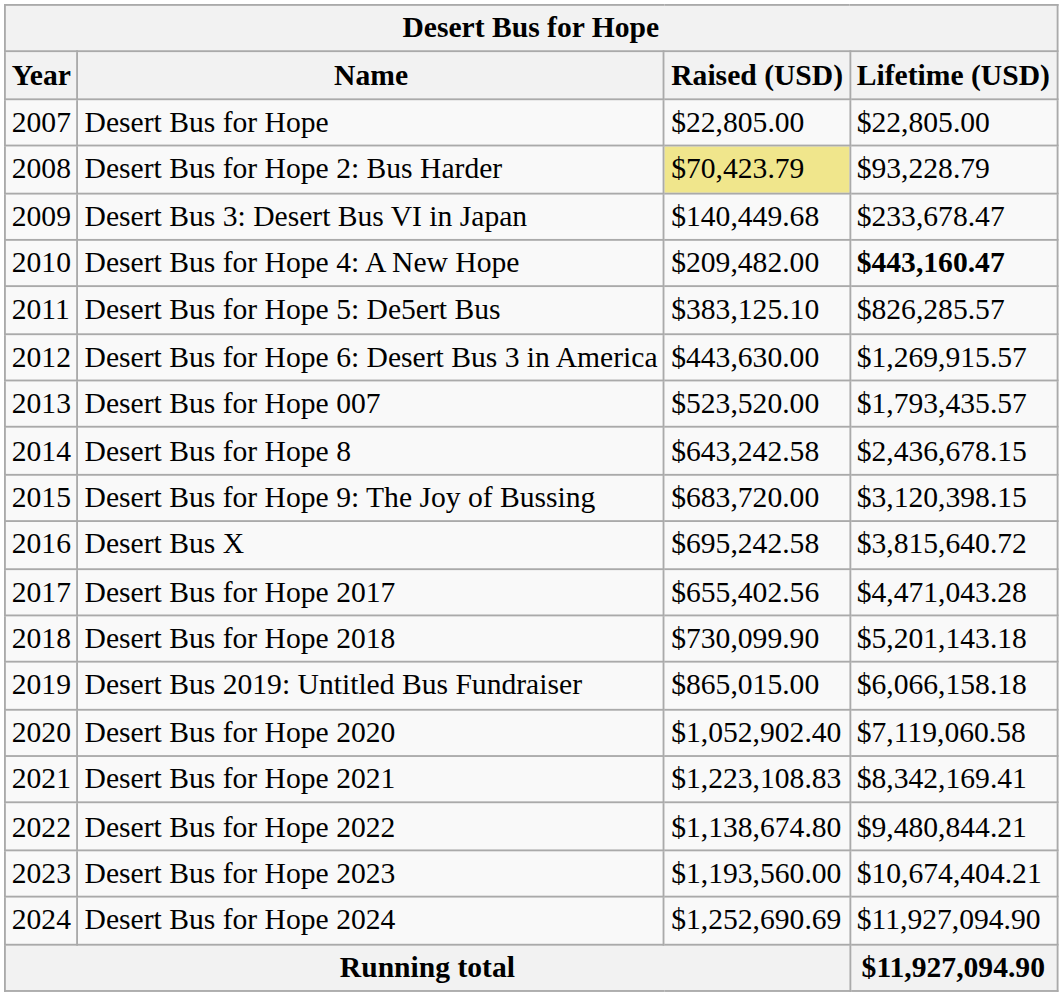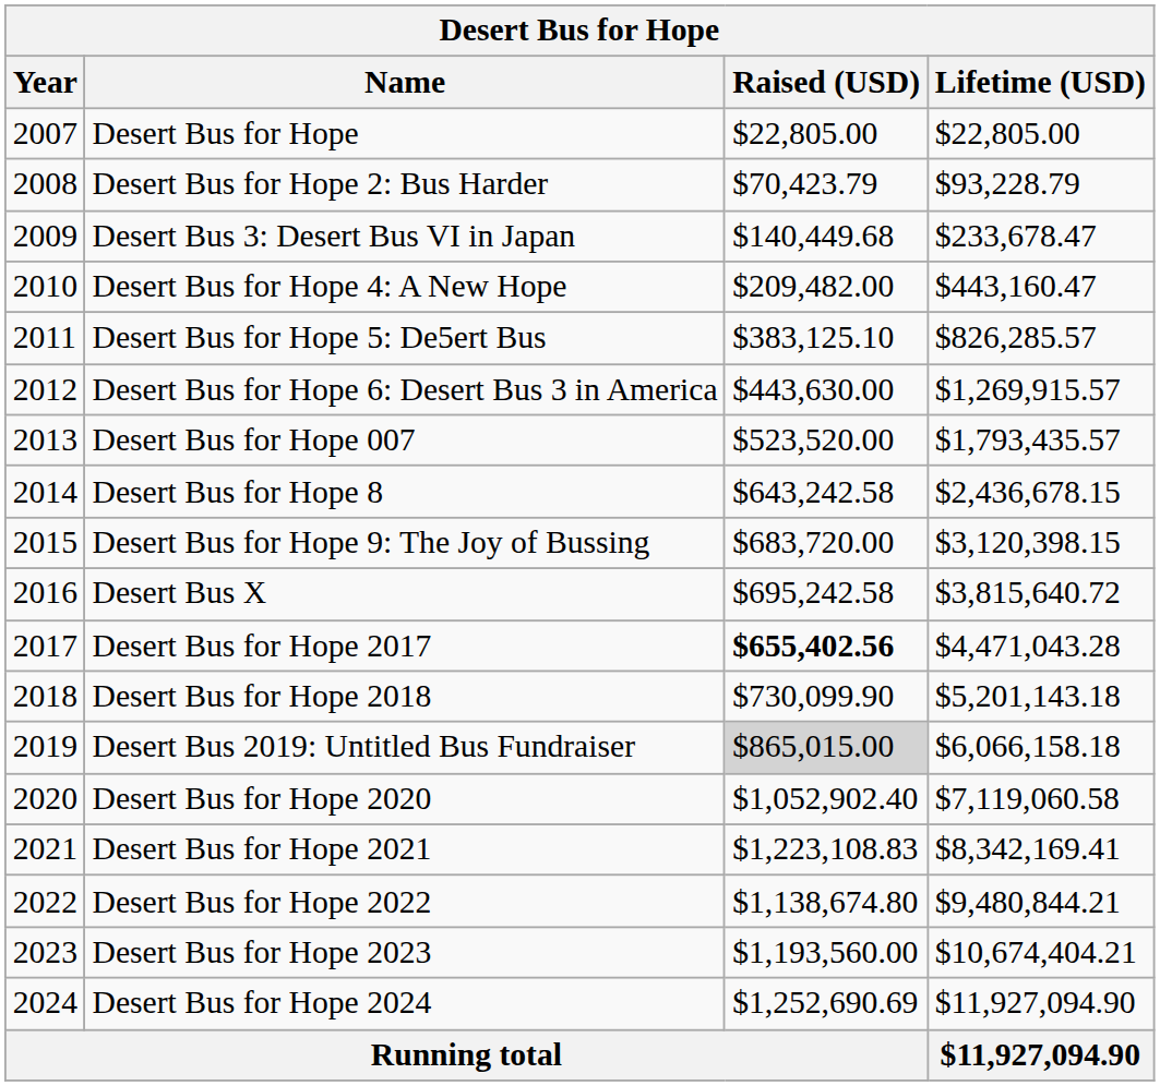 <table class="wikitable sortable">
 <tr>
 <th colspan="4">Desert Bus for Hope</th>
 </tr>
 <tr>
 <th>Year</th>
 <th>Name</th>
 <th>Raised (USD)</th>
 <th>Lifetime (USD)</th>
 </tr>
 <tr>
 <td>2007</td>
 <td>Desert Bus for Hope</td>
 <td data-sort-value="22,805.00">$22,805.00</td>
 <td data-sort-value="22,805.00">$22,805.00</td>
 </tr>
 <tr>
 <td>2008</td>
 <td>Desert Bus for Hope 2: Bus Harder</td>
-<td data-sort-value="70,423.79" style="background: khaki;">$70,423.79</td>
+<td data-sort-value="70,423.79">$70,423.79</td>
 <td data-sort-value="93,228.79">$93,228.79</td>
 </tr>
 <tr>
 <td>2009</td>
 <td>Desert Bus 3: Desert Bus VI in Japan</td>
 <td data-sort-value="140,449.68">$140,449.68</td>
 <td data-sort-value="233,678.47">$233,678.47</td>
 </tr>
 <tr>
 <td>2010</td>
 <td>Desert Bus for Hope 4: A New Hope</td>
 <td data-sort-value="209,482.00">$209,482.00</td>
-<td data-sort-value="443,160.47"><strong>$443,160.47</strong></td>
+<td data-sort-value="443,160.47">$443,160.47</td>
 </tr>
 <tr>
 <td>2011</td>
 <td>Desert Bus for Hope 5: De5ert Bus</td>
 <td data-sort-value="383,125.10">$383,125.10</td>
 <td data-sort-value="826,285.57">$826,285.57</td>
 </tr>
 <tr>
 <td>2012</td>
 <td>Desert Bus for Hope 6: Desert Bus 3 in America</td>
 <td data-sort-value="443,630.00">$443,630.00</td>
 <td data-sort-value="1,269,915.57">$1,269,915.57</td>
 </tr>
 <tr>
 <td>2013</td>
 <td>Desert Bus for Hope 007</td>
 <td data-sort-value="523,520.00">$523,520.00</td>
 <td data-sort-value="1,793,435.57">$1,793,435.57</td>
 </tr>
 <tr>
 <td>2014</td>
 <td>Desert Bus for Hope 8</td>
 <td data-sort-value="643,242.58">$643,242.58</td>
 <td data-sort-value="2,436,678.15">$2,436,678.15</td>
 </tr>
 <tr>
 <td>2015</td>
 <td>Desert Bus for Hope 9: The Joy of Bussing</td>
 <td data-sort-value="683,720.00">$683,720.00</td>
 <td data-sort-value="3,120,398.15">$3,120,398.15</td>
 </tr>
 <tr>
 <td>2016</td>
 <td>Desert Bus X</td>
 <td data-sort-value="695,242.57">$695,242.58</td>
 <td data-sort-value="3,815,640.72">$3,815,640.72</td>
 </tr>
 <tr>
 <td>2017</td>
 <td>Desert Bus for Hope 2017</td>
-<td data-sort-value="655,402.56">$655,402.56</td>
+<td data-sort-value="655,402.56"><strong>$655,402.56</strong></td>
 <td data-sort-value="4,471,043.28">$4,471,043.28</td>
 </tr>
 <tr>
 <td>2018</td>
 <td>Desert Bus for Hope 2018</td>
 <td data-sort-value="730,099.90">$730,099.90</td>
 <td data-sort-value="5,201,143.18">$5,201,143.18</td>
 </tr>
 <tr>
 <td>2019</td>
 <td>Desert Bus 2019: Untitled Bus Fundraiser</td>
-<td data-sort-value="865,015.00">$865,015.00</td>
+<td data-sort-value="865,015.00" style="background: lightgrey;">$865,015.00</td>
 <td data-sort-value="6,066,158.18">$6,066,158.18</td>
 </tr>
 <tr>
 <td>2020</td>
 <td>Desert Bus for Hope 2020</td>
 <td data-sort-value="1,052,902.40">$1,052,902.40</td>
 <td data-sort-value="7,119,060.58">$7,119,060.58</td>
 </tr>
 <tr>
 <td>2021</td>
 <td>Desert Bus for Hope 2021</td>
 <td data-sort-value="1,223,108.83">$1,223,108.83</td>
 <td data-sort-value="8,342,169.41">$8,342,169.41</td>
 </tr>
 <tr>
 <td>2022</td>
 <td>Desert Bus for Hope 2022</td>
 <td data-sort-value="1,138,674.80">$1,138,674.80</td>
 <td data-sort-value="9,480,844.21">$9,480,844.21</td>
 </tr>
 <tr>
 <td>2023</td>
 <td>Desert Bus for Hope 2023</td>
 <td data-sort-value="1,193,560.00">$1,193,560.00</td>
 <td data-sort-value="10,674,404.21">$10,674,404.21</td>
 </tr>
 <tr>
 <td>2024</td>
 <td>Desert Bus for Hope 2024</td>
 <td data-sort-value="1,252,690.69">$1,252,690.69</td>
 <td data-sort-value="11,927,094.90">$11,927,094.90</td>
 </tr>
 <tr>
 <th colspan="3">Running total</th>
 <th>$11,927,094.90</th>
 </tr>
 </table>
